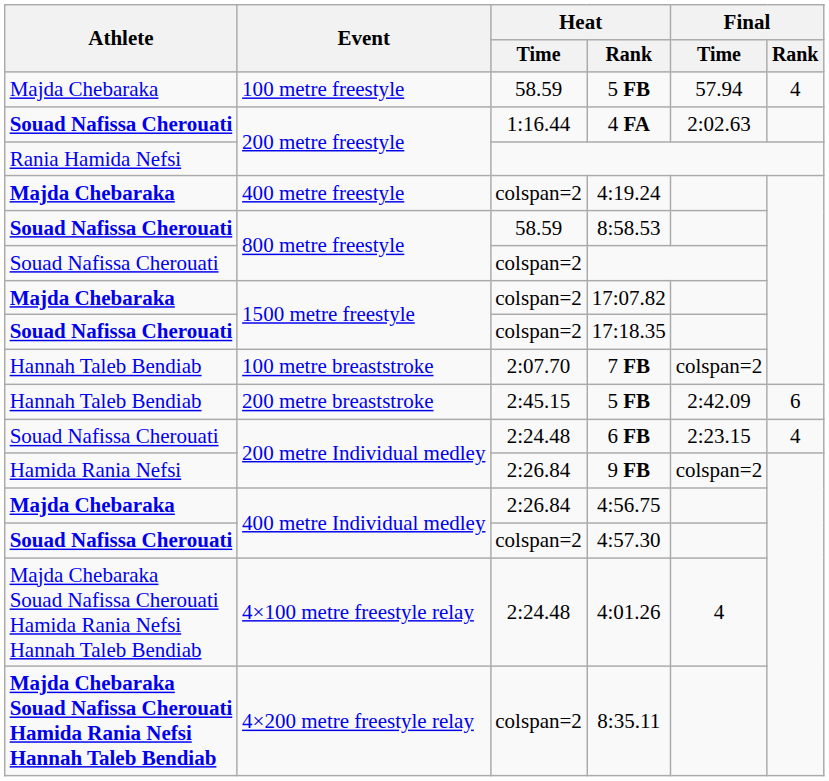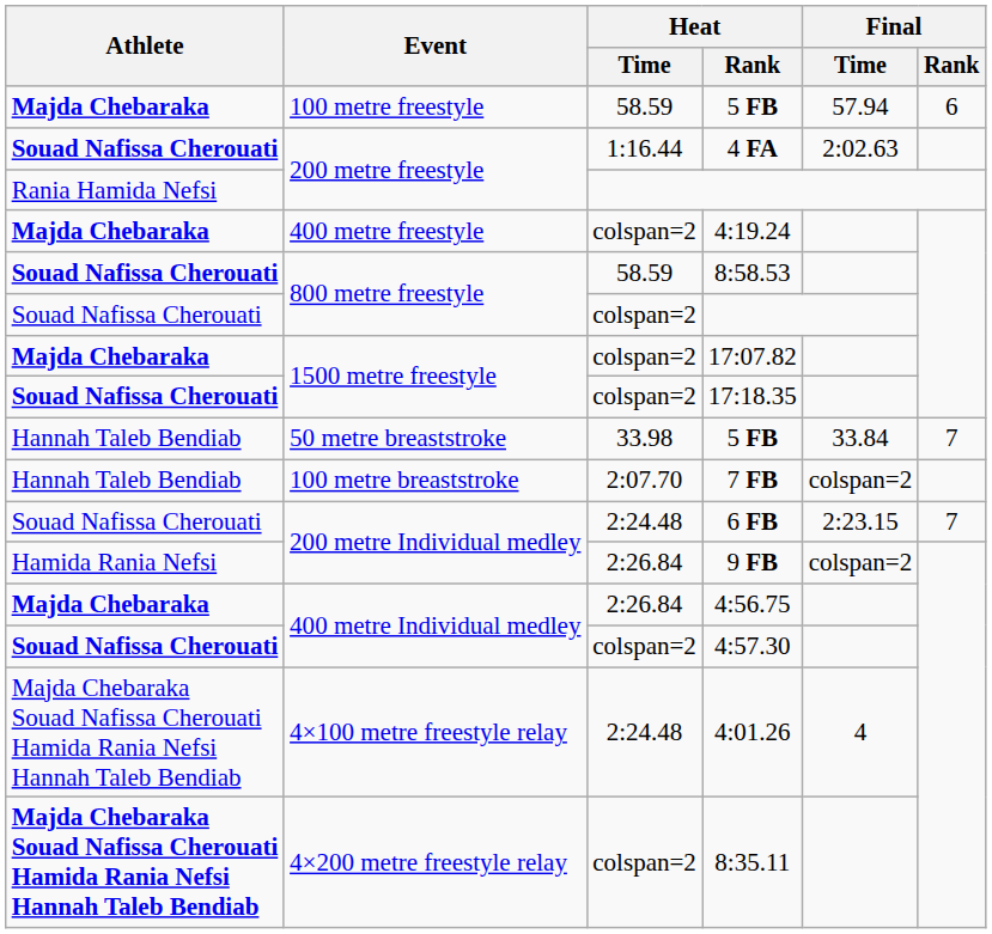 <table class=wikitable style="font-size:90%">
 <tr>
 <th rowspan=2>Athlete</th>
 <th rowspan=2>Event</th>
 <th colspan=2>Heat</th>
 <th colspan=2>Final</th>
 </tr>
 <tr style="font-size:95%">
 <th>Time</th>
 <th>Rank</th>
 <th>Time</th>
 <th>Rank</th>
 </tr>
 <tr align=center>
-<td align=left><a href='#'>Majda Chebaraka</a></td>
+<td align=left><strong><a href='#'>Majda Chebaraka</a></strong></td>
 <td align=left><a href='#'>100 metre freestyle</a></td>
 <td>58.59</td>
 <td>5 <strong>FB</strong></td>
 <td>57.94</td>
-<td>4</td>
+<td>6</td>
 </tr>
 <tr align=center>
 <td align=left><strong><a href='#'>Souad Nafissa Cherouati</a></strong></td>
 <td align=left rowspan=2><a href='#'>200 metre freestyle</a></td>
 <td>1:16.44</td>
 <td>4 <strong>FA</strong></td>
 <td>2:02.63</td>
 <td></td>
 </tr>
 <tr align=center>
 <td align=left><a href='#'>Rania Hamida Nefsi</a></td>
 <td colspan=4></td>
 </tr>
 <tr align=center>
 <td align=left><strong><a href='#'>Majda Chebaraka</a></strong></td>
 <td align=left><a href='#'>400 metre freestyle</a></td>
 <td>colspan=2 </td>
 <td>4:19.24</td>
 <td></td>
 </tr>
 <tr align=center>
 <td align=left><strong><a href='#'>Souad Nafissa Cherouati</a></strong></td>
 <td align=left rowspan=2><a href='#'>800 metre freestyle</a></td>
 <td>58.59</td>
 <td>8:58.53</td>
 <td></td>
 </tr>
 <tr align=center>
 <td align=left><a href='#'>Souad Nafissa Cherouati</a></td>
 <td>colspan=2 </td>
 <td colspan=2></td>
 </tr>
 <tr align=center>
 <td align=left><strong><a href='#'>Majda Chebaraka</a></strong></td>
 <td align=left rowspan=2><a href='#'>1500 metre freestyle</a></td>
 <td>colspan=2 </td>
 <td>17:07.82</td>
 <td></td>
 </tr>
 <tr align=center>
 <td align=left><strong><a href='#'>Souad Nafissa Cherouati</a></strong></td>
 <td>colspan=2 </td>
 <td>17:18.35</td>
 <td></td>
 </tr>
 <tr align=center>
 <td align=left><a href='#'>Hannah Taleb Bendiab</a></td>
+<td align=left><a href='#'>50 metre breaststroke</a></td>
+<td>33.98</td>
+<td>5 <strong>FB</strong></td>
+<td>33.84</td>
+<td>7</td>
+</tr>
+<tr align=center>
+<td align=left><a href='#'>Hannah Taleb Bendiab</a></td>
 <td align=left><a href='#'>100 metre breaststroke</a></td>
 <td>2:07.70</td>
 <td>7 <strong>FB</strong></td>
 <td>colspan=2 </td>
-</tr>
-<tr align=center>
-<td align=left><a href='#'>Hannah Taleb Bendiab</a></td>
-<td align=left><a href='#'>200 metre breaststroke</a></td>
-<td>2:45.15</td>
-<td>5 <strong>FB</strong></td>
-<td>2:42.09</td>
-<td>6</td>
 </tr>
 <tr align=center>
 <td align=left><a href='#'>Souad Nafissa Cherouati</a></td>
 <td align=left rowspan=2><a href='#'>200 metre Individual medley</a></td>
 <td>2:24.48</td>
 <td>6 <strong>FB</strong></td>
 <td>2:23.15</td>
-<td>4</td>
+<td>7</td>
 </tr>
 <tr align=center>
 <td align=left><a href='#'>Hamida Rania Nefsi</a></td>
 <td>2:26.84</td>
 <td>9 <strong>FB</strong></td>
 <td>colspan=2 </td>
 </tr>
 <tr align=center>
 <td align=left><strong><a href='#'>Majda Chebaraka</a></strong></td>
 <td align=left rowspan=2><a href='#'>400 metre Individual medley</a></td>
 <td>2:26.84</td>
 <td>4:56.75</td>
 <td></td>
 </tr>
 <tr align=center>
 <td align=left><strong><a href='#'>Souad Nafissa Cherouati</a></strong></td>
 <td>colspan=2 </td>
 <td>4:57.30</td>
 <td></td>
 </tr>
 <tr align=center>
 <td align=left><a href='#'>Majda Chebaraka</a><br><a href='#'>Souad Nafissa Cherouati</a><br><a href='#'>Hamida Rania Nefsi</a><br><a href='#'>Hannah Taleb Bendiab</a></td>
 <td align=left><a href='#'>4×100 metre freestyle relay</a></td>
 <td>2:24.48</td>
 <td>4:01.26</td>
 <td>4</td>
 </tr>
 <tr align=center>
 <td align=left><strong><a href='#'>Majda Chebaraka</a><br><a href='#'>Souad Nafissa Cherouati</a><br><a href='#'>Hamida Rania Nefsi</a><br><a href='#'>Hannah Taleb Bendiab</a></strong></td>
 <td align=left><a href='#'>4×200 metre freestyle relay</a></td>
 <td>colspan=2 </td>
 <td>8:35.11</td>
 <td></td>
 </tr>
 </table>
